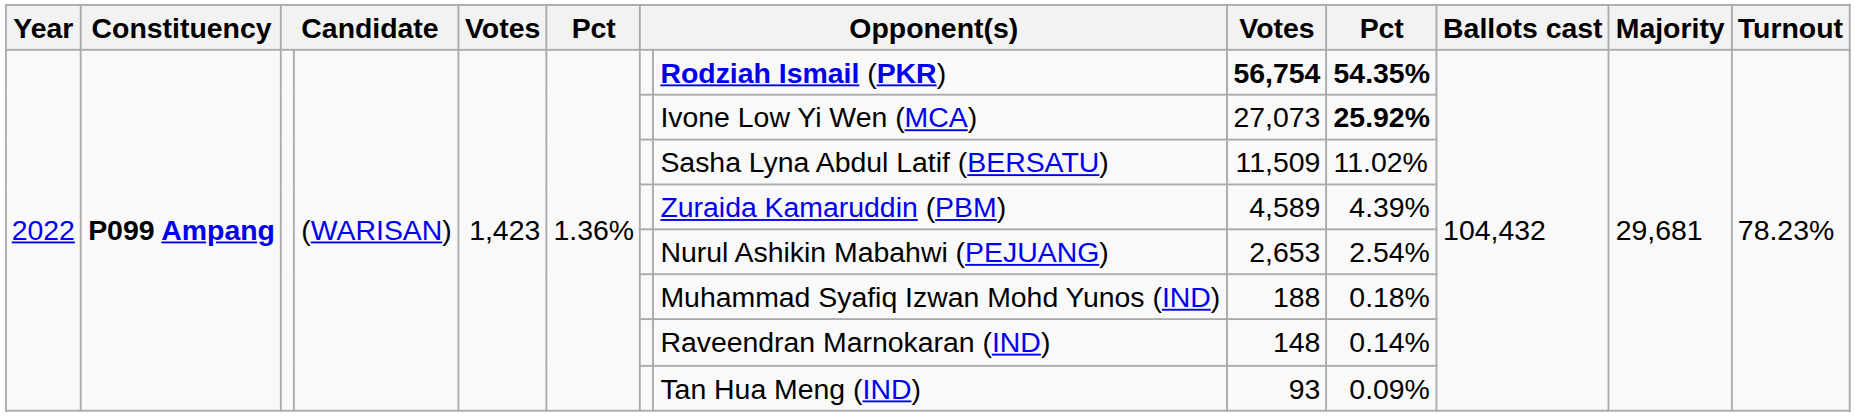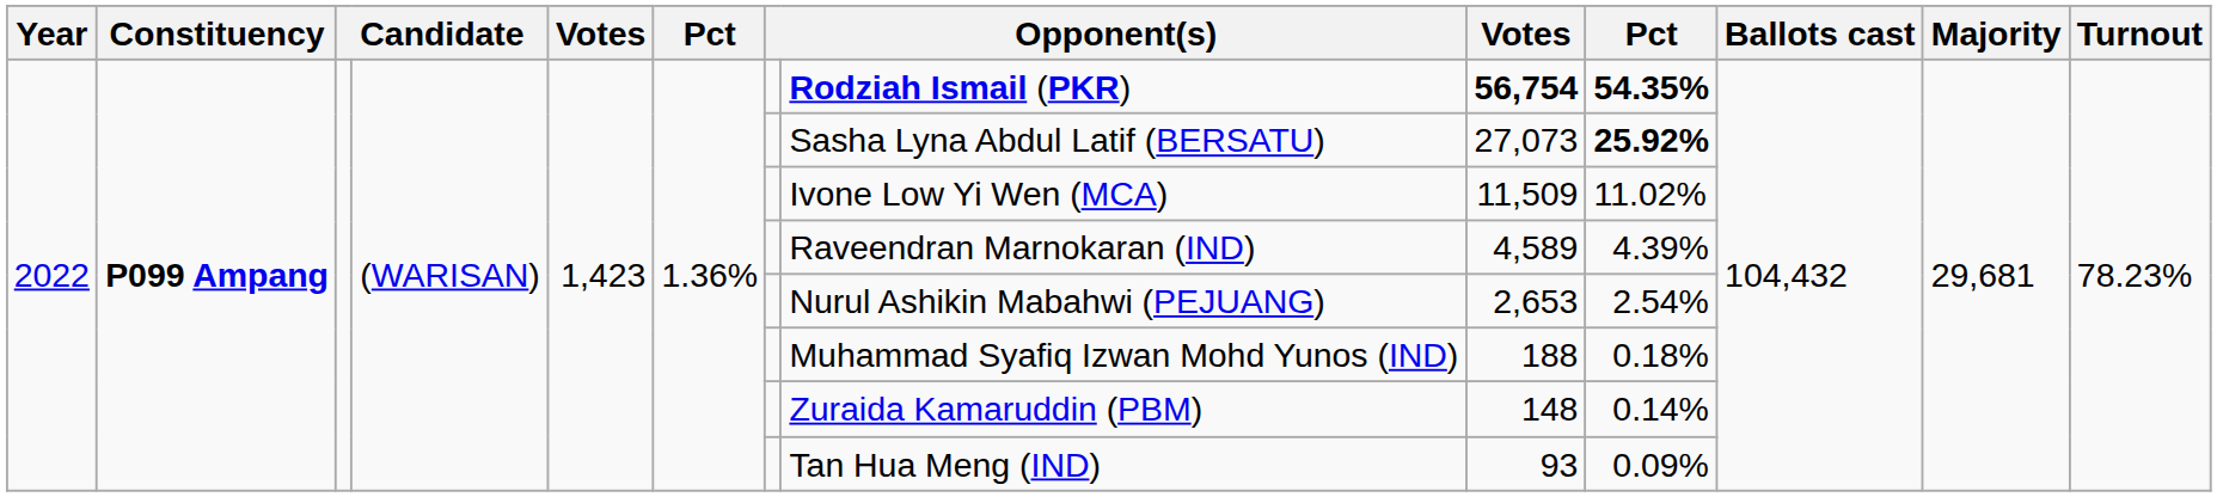 <table class="wikitable" style="margin:0.5em ; font-size:95%">
 <tr>
 <th>Year</th>
 <th>Constituency</th>
 <th colspan=2>Candidate</th>
 <th>Votes</th>
 <th>Pct</th>
 <th colspan=2>Opponent(s)</th>
 <th>Votes</th>
 <th>Pct</th>
 <th>Ballots cast</th>
 <th>Majority</th>
 <th>Turnout</th>
 </tr>
 <tr>
 <td rowspan=8><a href='#'>2022</a></td>
 <td rowspan=8><strong>P099 <a href='#'>Ampang</a></strong></td>
 <td rowspan=8 ></td>
 <td rowspan=8> (<a href='#'>WARISAN</a>)</td>
 <td rowspan=8 align=right>1,423</td>
 <td rowspan=8 align=right>1.36%</td>
 <td></td>
 <td><strong><a href='#'>Rodziah Ismail</a></strong> (<a href='#'><strong>PKR</strong></a>)</td>
 <td align=right><strong>56,754</strong></td>
 <td><strong>54.35%</strong></td>
 <td rowspan=8>104,432</td>
 <td rowspan=8>29,681</td>
 <td rowspan=8>78.23%</td>
 </tr>
 <tr>
 <td bgcolor=></td>
-<td>Ivone Low Yi Wen (<a href='#'>MCA</a>)</td>
+<td>Sasha Lyna Abdul Latif	(<a href='#'>BERSATU</a>)</td>
 <td align=right>27,073</td>
 <td><strong>25.92%</strong></td>
 </tr>
 <tr>
 <td></td>
-<td>Sasha Lyna Abdul Latif	(<a href='#'>BERSATU</a>)</td>
+<td>Ivone Low Yi Wen (<a href='#'>MCA</a>)</td>
 <td align=right>11,509</td>
 <td>11.02%</td>
 </tr>
 <tr>
 <td bgcolor=></td>
-<td><a href='#'>Zuraida Kamaruddin</a> (<a href='#'>PBM</a>)</td>
+<td>Raveendran Marnokaran (<a href='#'>IND</a>)</td>
 <td align=right>4,589</td>
 <td align=right>4.39%</td>
 </tr>
 <tr>
 <td bgcolor=></td>
 <td>Nurul Ashikin Mabahwi (<a href='#'>PEJUANG</a>)</td>
 <td align=right>2,653</td>
 <td align=right>2.54%</td>
 </tr>
 <tr>
 <td></td>
 <td>Muhammad Syafiq Izwan Mohd Yunos (<a href='#'>IND</a>)</td>
 <td align=right>188</td>
 <td align=right>0.18%</td>
 </tr>
 <tr>
 <td></td>
-<td>Raveendran Marnokaran (<a href='#'>IND</a>)</td>
+<td><a href='#'>Zuraida Kamaruddin</a> (<a href='#'>PBM</a>)</td>
 <td align=right>148</td>
 <td align=righT>0.14%</td>
 </tr>
 <tr>
 <td></td>
 <td>Tan Hua Meng (<a href='#'>IND</a>)</td>
 <td align=right>93</td>
 <td align=right>0.09%</td>
 </tr>
 </table>
